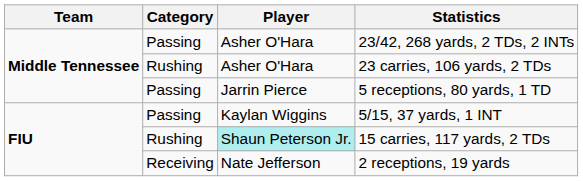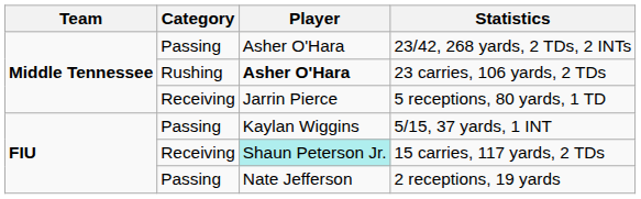 <table class="wikitable" style="float: left;">
 <tr>
 <th>Team</th>
 <th>Category</th>
 <th>Player</th>
 <th>Statistics</th>
 </tr>
 <tr>
 <td rowspan=3><strong>Middle Tennessee</strong></td>
 <td>Passing</td>
 <td>Asher O'Hara</td>
 <td>23/42, 268 yards, 2 TDs, 2 INTs</td>
 </tr>
 <tr>
 <td>Rushing</td>
-<td>Asher O'Hara</td>
+<td><strong>Asher O'Hara</strong></td>
 <td>23 carries, 106 yards, 2 TDs</td>
 </tr>
 <tr>
-<td>Passing</td>
+<td>Receiving</td>
 <td>Jarrin Pierce</td>
 <td>5 receptions, 80 yards, 1 TD</td>
 </tr>
 <tr>
 <td rowspan=3><strong>FIU</strong></td>
 <td>Passing</td>
 <td>Kaylan Wiggins</td>
 <td>5/15, 37 yards, 1 INT</td>
 </tr>
 <tr>
-<td>Rushing</td>
+<td>Receiving</td>
 <td style="background: paleturquoise;">Shaun Peterson Jr.</td>
 <td>15 carries, 117 yards, 2 TDs</td>
 </tr>
 <tr>
-<td>Receiving</td>
+<td>Passing</td>
 <td>Nate Jefferson</td>
 <td>2 receptions, 19 yards</td>
 </tr>
 </table>
